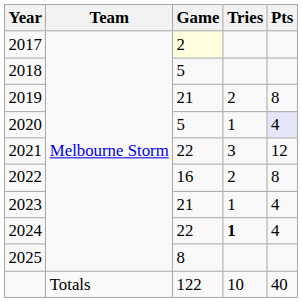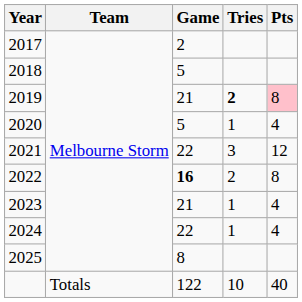 <table class="wikitable">
 <tr>
 <th>Year</th>
 <th>Team</th>
 <th>Game</th>
 <th>Tries</th>
 <th>Pts</th>
 </tr>
 <tr>
 <td>2017</td>
 <td rowspan="9"> <a href='#'>Melbourne Storm</a></td>
-<td style="background: lightyellow;">2</td>
+<td>2</td>
 <td></td>
 <td></td>
 </tr>
 <tr>
 <td>2018</td>
 <td>5</td>
 <td></td>
 <td></td>
 </tr>
 <tr>
 <td>2019</td>
 <td>21</td>
-<td>2</td>
-<td>8</td>
+<td><strong>2</strong></td>
+<td style="background: pink;">8</td>
 </tr>
 <tr>
 <td>2020</td>
 <td>5</td>
 <td>1</td>
-<td style="background: lavender;">4</td>
+<td>4</td>
 </tr>
 <tr>
 <td>2021</td>
 <td>22</td>
 <td>3</td>
 <td>12</td>
 </tr>
 <tr>
 <td>2022</td>
-<td>16</td>
+<td><strong>16</strong></td>
 <td>2</td>
 <td>8</td>
 </tr>
 <tr>
 <td>2023</td>
 <td>21</td>
 <td>1</td>
 <td>4</td>
 </tr>
 <tr>
 <td>2024</td>
 <td>22</td>
-<td><strong>1</strong></td>
+<td>1</td>
 <td>4</td>
 </tr>
 <tr>
 <td>2025</td>
 <td>8</td>
 <td></td>
 <td></td>
 </tr>
 <tr>
 <td></td>
 <td>Totals</td>
 <td>122</td>
 <td>10</td>
 <td>40</td>
 </tr>
 </table>
